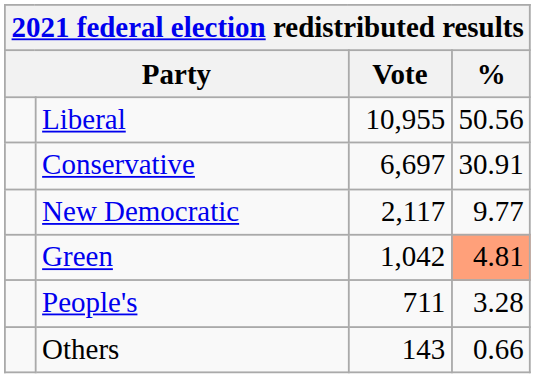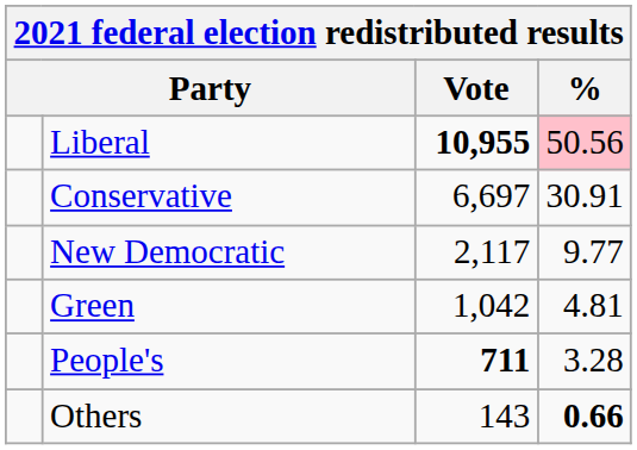 <table class="wikitable">
 <tr>
 <th colspan="4"><a href='#'>2021 federal election</a> redistributed results</th>
 </tr>
 <tr>
 <th bgcolor="#DDDDFF" width="130px" colspan="2">Party</th>
 <th bgcolor="#DDDDFF" width="50px">Vote</th>
 <th bgcolor="#DDDDFF" width="30px">%</th>
 </tr>
 <tr>
 <td> </td>
 <td><a href='#'>Liberal</a></td>
-<td align=right>10,955</td>
-<td align=right>50.56</td>
+<td align=right><strong>10,955</strong></td>
+<td align=right style="background: pink;">50.56</td>
 </tr>
 <tr>
 <td> </td>
 <td><a href='#'>Conservative</a></td>
 <td align=right>6,697</td>
 <td align=right>30.91</td>
 </tr>
 <tr>
 <td> </td>
 <td><a href='#'>New Democratic</a></td>
 <td align=right>2,117</td>
 <td align=right>9.77</td>
 </tr>
 <tr>
 <td> </td>
 <td><a href='#'>Green</a></td>
 <td align=right>1,042</td>
-<td align=right style="background: lightsalmon;">4.81</td>
+<td align=right>4.81</td>
 </tr>
 <tr>
 <td> </td>
 <td><a href='#'>People's</a></td>
-<td align=right>711</td>
+<td align=right><strong>711</strong></td>
 <td align=right>3.28</td>
 </tr>
 <tr>
 <td> </td>
 <td>Others</td>
 <td align=right>143</td>
-<td align=right>0.66</td>
+<td align=right><strong>0.66</strong></td>
 </tr>
 </table>
